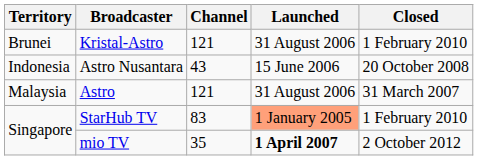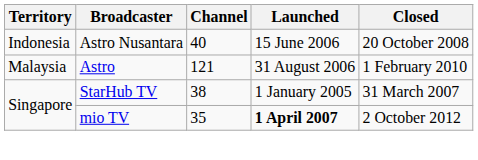 <table class="wikitable">
 <tr>
 <th>Territory</th>
 <th>Broadcaster</th>
 <th>Channel</th>
 <th>Launched</th>
 <th>Closed</th>
 </tr>
 <tr>
-<td>Brunei</td>
-<td><a href='#'>Kristal-Astro</a></td>
-<td>121</td>
-<td>31 August 2006</td>
-<td>1 February 2010</td>
-</tr>
-<tr>
 <td>Indonesia</td>
 <td>Astro Nusantara</td>
-<td>43</td>
+<td>40</td>
 <td>15 June 2006</td>
 <td>20 October 2008</td>
 </tr>
 <tr>
 <td>Malaysia</td>
 <td><a href='#'>Astro</a></td>
 <td>121</td>
 <td>31 August 2006</td>
-<td>31 March 2007</td>
+<td>1 February 2010</td>
 </tr>
 <tr>
 <td rowspan="2:">Singapore</td>
 <td><a href='#'>StarHub TV</a></td>
-<td>83</td>
-<td style="background: lightsalmon;">1 January 2005</td>
-<td>1 February 2010</td>
+<td>38</td>
+<td>1 January 2005</td>
+<td>31 March 2007</td>
 </tr>
 <tr>
 <td><a href='#'>mio TV</a></td>
 <td>35</td>
 <td><strong>1 April 2007</strong></td>
 <td>2 October 2012</td>
 </tr>
 </table>
